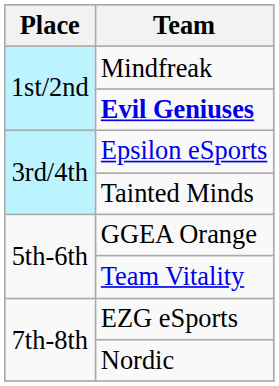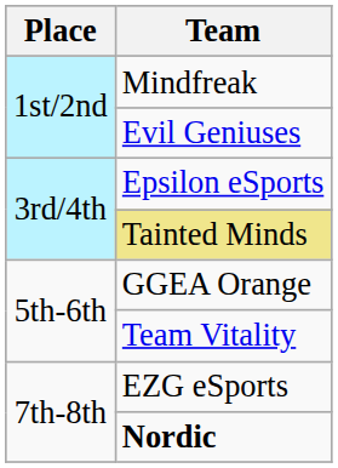 <table class="wikitable" style="text-align:left">
 <tr>
 <th>Place</th>
 <th>Team</th>
 </tr>
 <tr>
 <td style="text-align:center; background:#BBF3FF;" rowspan="2">1st/2nd</td>
 <td>Mindfreak</td>
 </tr>
 <tr>
-<td><strong><a href='#'>Evil Geniuses</a></strong></td>
+<td><a href='#'>Evil Geniuses</a></td>
 </tr>
 <tr>
 <td style="text-align:center; background:#BBF3FF;" rowspan="2">3rd/4th</td>
 <td><a href='#'>Epsilon eSports</a></td>
 </tr>
 <tr>
-<td>Tainted Minds</td>
+<td style="background: khaki;">Tainted Minds</td>
 </tr>
 <tr>
 <td style="text-align:center" rowspan="2">5th-6th</td>
 <td>GGEA Orange</td>
 </tr>
 <tr>
 <td><a href='#'>Team Vitality</a></td>
 </tr>
 <tr>
 <td style="text-align:center" rowspan="2">7th-8th</td>
 <td>EZG eSports</td>
 </tr>
 <tr>
-<td>Nordic</td>
+<td><strong>Nordic</strong></td>
 </tr>
 </table>
